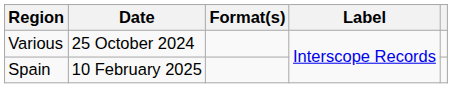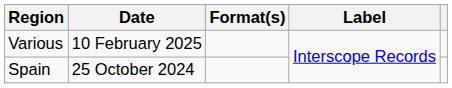 <table class="wikitable plainrowheaders">
 <tr>
 <th scope="col">Region</th>
 <th scope="col">Date</th>
 <th scope="col">Format(s)</th>
 <th scope="col">Label</th>
 <th scope="col"></th>
 </tr>
 <tr>
 <td>Various</td>
-<td>25 October 2024</td>
+<td>10 February 2025</td>
 <td></td>
 <td scope="row" rowspan="2"><a href='#'>Interscope Records</a></td>
 <td align="center"></td>
 </tr>
 <tr>
 <td>Spain</td>
-<td>10 February 2025</td>
+<td>25 October 2024</td>
 <td></td>
 <td align="center"></td>
 </tr>
 </table>
